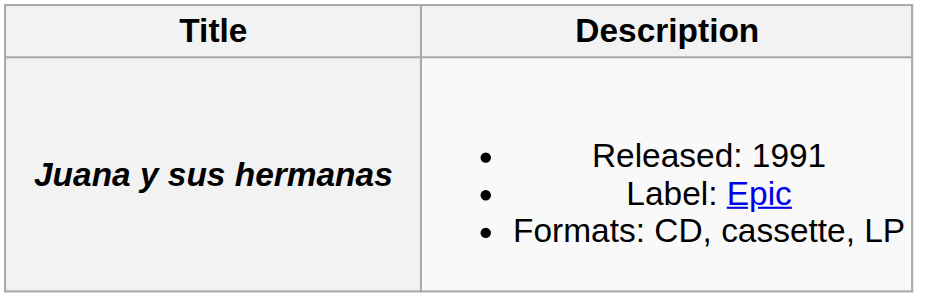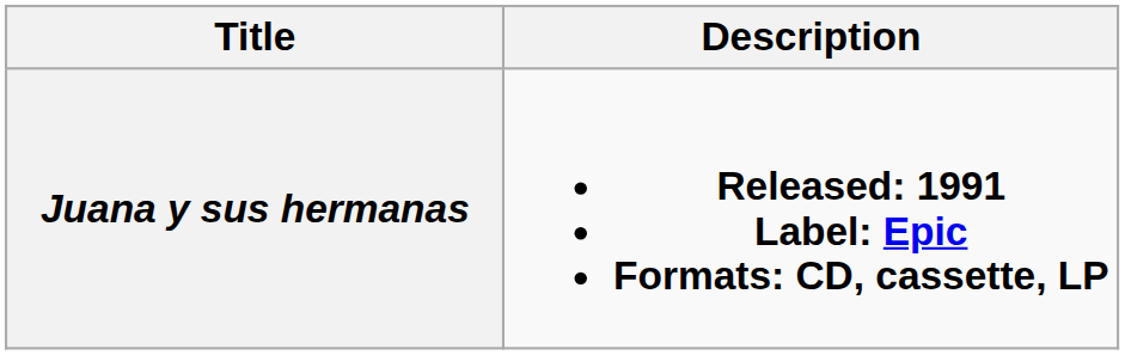 <table class="wikitable plainrowheaders" style="text-align:center;">
 <tr>
 <th scope="col" style="width:12em;">Title</th>
 <th scope="col">Description</th>
 </tr>
 <tr>
 <th scope="row"><em>Juana y sus hermanas</em></th>
-<td><br><ul><li>Released: 1991</li><li>Label: <a href='#'>Epic</a></li><li>Formats: CD, cassette, LP</li></ul></td>
+<td><strong><br><ul><li>Released: 1991</li><li>Label: <a href='#'>Epic</a></li><li>Formats: CD, cassette, LP</li></ul></strong></td>
 </tr>
 </table>
